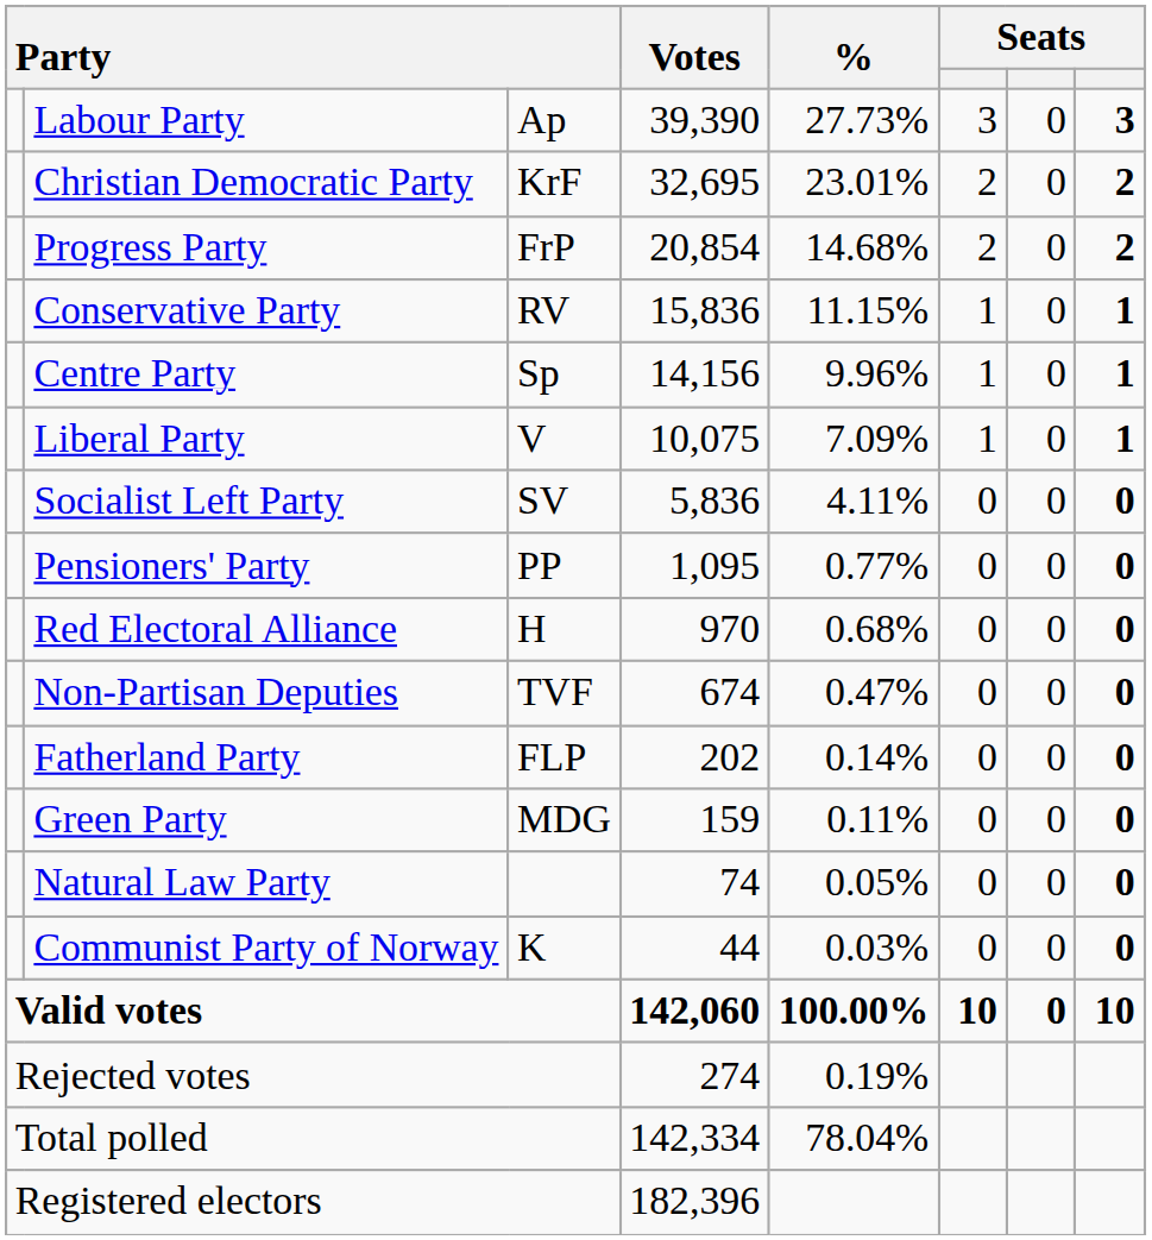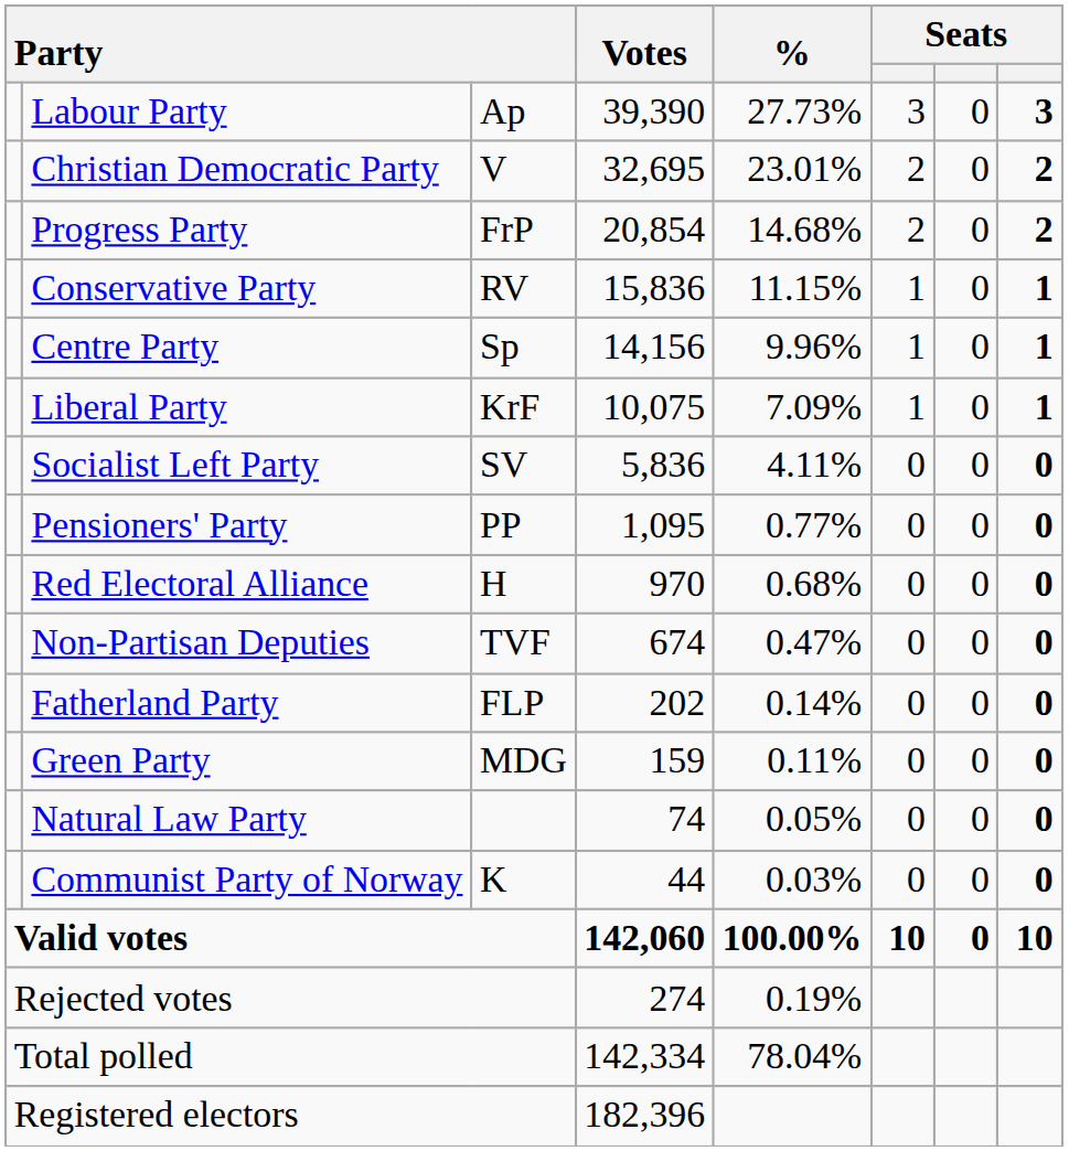 <table class="wikitable" border="1" style="text-align:right;">
 <tr>
 <th style="text-align:left;" valign=bottom rowspan=2 colspan=3>Party</th>
 <th align=center valign=bottom rowspan=2 width="50">Votes</th>
 <th align=center valign=bottom rowspan=2 width="50">%</th>
 <th colspan=3>Seats</th>
 </tr>
 <tr>
 <th align=center valign=bottom width="20"><small></small></th>
 <th align=center valign=bottom width="20"><small><a href='#'></a></small></th>
 <th align=center valign=bottom width="20"><small></small></th>
 </tr>
 <tr>
 <td style="color:inherit;background:"></td>
 <td align=left><a href='#'>Labour Party</a></td>
 <td align=left>Ap</td>
 <td>39,390</td>
 <td>27.73%</td>
 <td>3</td>
 <td>0</td>
 <td><strong>3</strong></td>
 </tr>
 <tr>
 <td style="color:inherit;background:"></td>
 <td align=left><a href='#'>Christian Democratic Party</a></td>
-<td align=left>KrF</td>
+<td align=left>V</td>
 <td>32,695</td>
 <td>23.01%</td>
 <td>2</td>
 <td>0</td>
 <td><strong>2</strong></td>
 </tr>
 <tr>
 <td style="color:inherit;background:"></td>
 <td align=left><a href='#'>Progress Party</a></td>
 <td align=left>FrP</td>
 <td>20,854</td>
 <td>14.68%</td>
 <td>2</td>
 <td>0</td>
 <td><strong>2</strong></td>
 </tr>
 <tr>
 <td style="color:inherit;background:"></td>
 <td align=left><a href='#'>Conservative Party</a></td>
 <td align=left>RV</td>
 <td>15,836</td>
 <td>11.15%</td>
 <td>1</td>
 <td>0</td>
 <td><strong>1</strong></td>
 </tr>
 <tr>
 <td style="color:inherit;background:"></td>
 <td align=left><a href='#'>Centre Party</a></td>
 <td align=left>Sp</td>
 <td>14,156</td>
 <td>9.96%</td>
 <td>1</td>
 <td>0</td>
 <td><strong>1</strong></td>
 </tr>
 <tr>
 <td style="color:inherit;background:"></td>
 <td align=left><a href='#'>Liberal Party</a></td>
-<td align=left>V</td>
+<td align=left>KrF</td>
 <td>10,075</td>
 <td>7.09%</td>
 <td>1</td>
 <td>0</td>
 <td><strong>1</strong></td>
 </tr>
 <tr>
 <td style="color:inherit;background:"></td>
 <td align=left><a href='#'>Socialist Left Party</a></td>
 <td align=left>SV</td>
 <td>5,836</td>
 <td>4.11%</td>
 <td>0</td>
 <td>0</td>
 <td><strong>0</strong></td>
 </tr>
 <tr>
 <td style="color:inherit;background:"></td>
 <td align=left><a href='#'>Pensioners' Party</a></td>
 <td align=left>PP</td>
 <td>1,095</td>
 <td>0.77%</td>
 <td>0</td>
 <td>0</td>
 <td><strong>0</strong></td>
 </tr>
 <tr>
 <td style="color:inherit;background:"></td>
 <td align=left><a href='#'>Red Electoral Alliance</a></td>
 <td align=left>H</td>
 <td>970</td>
 <td>0.68%</td>
 <td>0</td>
 <td>0</td>
 <td><strong>0</strong></td>
 </tr>
 <tr>
 <td></td>
 <td align=left><a href='#'>Non-Partisan Deputies</a></td>
 <td align=left>TVF</td>
 <td>674</td>
 <td>0.47%</td>
 <td>0</td>
 <td>0</td>
 <td><strong>0</strong></td>
 </tr>
 <tr>
 <td style="color:inherit;background:"></td>
 <td align=left><a href='#'>Fatherland Party</a></td>
 <td align=left>FLP</td>
 <td>202</td>
 <td>0.14%</td>
 <td>0</td>
 <td>0</td>
 <td><strong>0</strong></td>
 </tr>
 <tr>
 <td style="color:inherit;background:"></td>
 <td align=left><a href='#'>Green Party</a></td>
 <td align=left>MDG</td>
 <td>159</td>
 <td>0.11%</td>
 <td>0</td>
 <td>0</td>
 <td><strong>0</strong></td>
 </tr>
 <tr>
 <td></td>
 <td align=left><a href='#'>Natural Law Party</a></td>
 <td align=left></td>
 <td>74</td>
 <td>0.05%</td>
 <td>0</td>
 <td>0</td>
 <td><strong>0</strong></td>
 </tr>
 <tr>
 <td style="color:inherit;background:"></td>
 <td align=left><a href='#'>Communist Party of Norway</a></td>
 <td align=left>K</td>
 <td>44</td>
 <td>0.03%</td>
 <td>0</td>
 <td>0</td>
 <td><strong>0</strong></td>
 </tr>
 <tr style="font-weight:bold">
 <td align=left colspan=3>Valid votes</td>
 <td>142,060</td>
 <td>100.00%</td>
 <td>10</td>
 <td>0</td>
 <td>10</td>
 </tr>
 <tr>
 <td align=left colspan=3>Rejected votes</td>
 <td>274</td>
 <td>0.19%</td>
 <td></td>
 <td></td>
 <td></td>
 </tr>
 <tr>
 <td align=left colspan=3>Total polled</td>
 <td>142,334</td>
 <td>78.04%</td>
 <td></td>
 <td></td>
 <td></td>
 </tr>
 <tr>
 <td align=left colspan=3>Registered electors</td>
 <td>182,396</td>
 <td></td>
 <td></td>
 <td></td>
 <td></td>
 </tr>
 </table>
